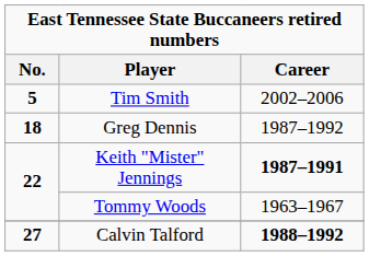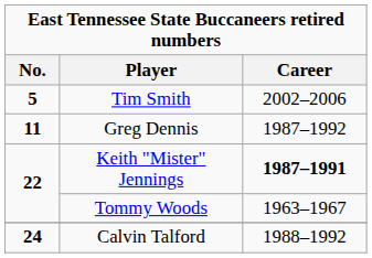 <table class="wikitable sortable" style="text-align:center">
 <tr>
 <td colspan="5"><strong>East Tennessee State Buccaneers retired numbers</strong></td>
 </tr>
 <tr>
 <th width=40px>No.</th>
 <th width=150px>Player</th>
 <th width=100px>Career</th>
 </tr>
 <tr>
 <td><strong>5</strong></td>
 <td><a href='#'>Tim Smith</a></td>
 <td>2002–2006</td>
 </tr>
 <tr>
-<td><strong>18</strong></td>
+<td><strong>11</strong></td>
 <td>Greg Dennis</td>
 <td>1987–1992</td>
 </tr>
 <tr>
 <td rowspan="2"><strong>22</strong></td>
 <td><a href='#'>Keith "Mister" Jennings</a></td>
 <td><strong>1987–1991</strong></td>
 </tr>
 <tr>
 <td><a href='#'>Tommy Woods</a></td>
 <td>1963–1967</td>
 </tr>
 <tr>
 </tr>
 <tr>
-<td><strong>27</strong></td>
+<td><strong>24</strong></td>
 <td>Calvin Talford</td>
-<td><strong>1988–1992</strong></td>
+<td>1988–1992</td>
 </tr>
 </table>
